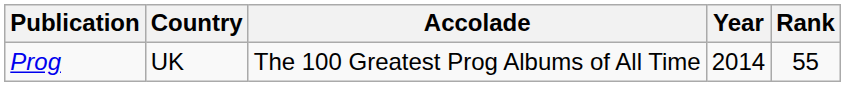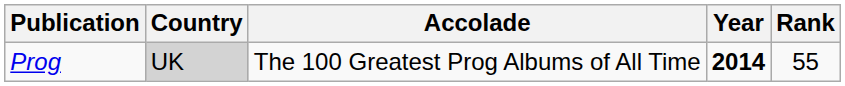 <table class="wikitable" border="1">
 <tr>
 <th>Publication</th>
 <th>Country</th>
 <th>Accolade</th>
 <th>Year</th>
 <th>Rank</th>
 </tr>
 <tr>
 <td><em><a href='#'>Prog</a></em></td>
-<td>UK</td>
+<td style="background: lightgrey;">UK</td>
 <td>The 100 Greatest Prog Albums of All Time</td>
-<td>2014</td>
+<td><strong>2014</strong></td>
 <td align="center">55</td>
 </tr>
 </table>
